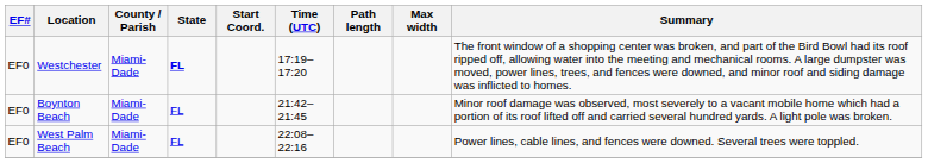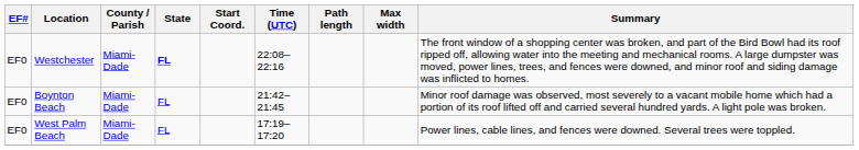 <table class="wikitable sortable" style="width:100%;">
 <tr>
 <th scope="col"  style="width:3%; text-align:center;"><a href='#'>EF#</a></th>
 <th scope="col"  style="width:7%; text-align:center;" class="unsortable">Location</th>
 <th scope="col"  style="width:6%; text-align:center;" class="unsortable">County / Parish</th>
 <th scope="col"  style="width:5%; text-align:center;">State</th>
 <th scope="col"  style="width:6%; text-align:center;">Start Coord.</th>
 <th scope="col"  style="width:6%; text-align:center;">Time (<a href='#'>UTC</a>)</th>
 <th scope="col"  style="width:6%; text-align:center;">Path length</th>
 <th scope="col"  style="width:6%; text-align:center;">Max width</th>
 <th scope="col" class="unsortable" style="width:48%; text-align:center;">Summary</th>
 </tr>
 <tr>
 <td>EF0</td>
 <td><a href='#'>Westchester</a></td>
 <td><a href='#'>Miami-Dade</a></td>
 <td><strong><a href='#'>FL</a></strong></td>
 <td></td>
-<td>17:19–17:20</td>
+<td>22:08–22:16</td>
 <td></td>
 <td></td>
 <td>The front window of a shopping center was broken, and part of the Bird Bowl had its roof ripped off, allowing water into the meeting and mechanical rooms. A large dumpster was moved, power lines, trees, and fences were downed, and minor roof and siding damage was inflicted to homes.</td>
 </tr>
 <tr>
 <td>EF0</td>
 <td><a href='#'>Boynton Beach</a></td>
 <td><a href='#'>Miami-Dade</a></td>
 <td><a href='#'>FL</a></td>
 <td></td>
 <td>21:42–21:45</td>
 <td></td>
 <td></td>
 <td>Minor roof damage was observed, most severely to a vacant mobile home which had a portion of its roof lifted off and carried several hundred yards. A light pole was broken.</td>
 </tr>
 <tr>
 <td>EF0</td>
 <td><a href='#'>West Palm Beach</a></td>
 <td><a href='#'>Miami-Dade</a></td>
 <td><a href='#'>FL</a></td>
 <td></td>
-<td>22:08–22:16</td>
+<td>17:19–17:20</td>
 <td></td>
 <td></td>
 <td>Power lines, cable lines, and fences were downed. Several trees were toppled.</td>
 </tr>
 <tr>
 </tr>
 </table>
